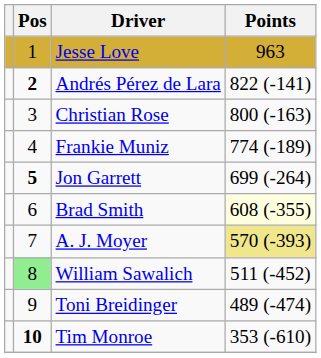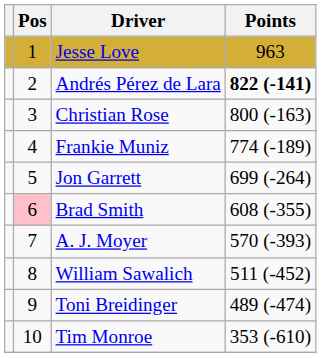 <table class="wikitable" style="font-size: 95%;">
 <tr>
 <th></th>
 <th>Pos</th>
 <th>Driver</th>
 <th>Points</th>
 </tr>
 <tr style="background:#D4AF37;">
 <td align="left"></td>
 <td style="text-align:center;">1</td>
 <td><a href='#'>Jesse Love</a></td>
 <td style="text-align:center;">963</td>
 </tr>
 <tr>
 <td align="left"></td>
-<td style="text-align:center;"><strong>2</strong></td>
+<td style="text-align:center;">2</td>
 <td><a href='#'>Andrés Pérez de Lara</a></td>
-<td style="text-align:center;">822 (-141)</td>
+<td style="text-align:center;"><strong>822 (-141)</strong></td>
 </tr>
 <tr>
 <td align="left"></td>
 <td style="text-align:center;">3</td>
 <td><a href='#'>Christian Rose</a></td>
 <td style="text-align:center;">800 (-163)</td>
 </tr>
 <tr>
 <td align="left"></td>
 <td style="text-align:center;">4</td>
 <td><a href='#'>Frankie Muniz</a></td>
 <td style="text-align:center;">774 (-189)</td>
 </tr>
 <tr>
 <td align="left"></td>
-<td style="text-align:center;"><strong>5</strong></td>
+<td style="text-align:center;">5</td>
 <td><a href='#'>Jon Garrett</a></td>
 <td style="text-align:center;">699 (-264)</td>
 </tr>
 <tr>
 <td align="left"></td>
-<td style="text-align:center;">6</td>
+<td style="background: pink; text-align:center;">6</td>
 <td><a href='#'>Brad Smith</a></td>
-<td style="background: lightyellow; text-align:center;">608 (-355)</td>
+<td style="text-align:center;">608 (-355)</td>
 </tr>
 <tr>
 <td align="left"></td>
 <td style="text-align:center;">7</td>
 <td><a href='#'>A. J. Moyer</a></td>
-<td style="background: khaki; text-align:center;">570 (-393)</td>
+<td style="text-align:center;">570 (-393)</td>
 </tr>
 <tr>
 <td align="left"></td>
-<td style="background: lightgreen; text-align:center;">8</td>
+<td style="text-align:center;">8</td>
 <td><a href='#'>William Sawalich</a></td>
 <td style="text-align:center;">511 (-452)</td>
 </tr>
 <tr>
 <td align="left"></td>
 <td style="text-align:center;">9</td>
 <td><a href='#'>Toni Breidinger</a></td>
 <td style="text-align:center;">489 (-474)</td>
 </tr>
 <tr>
 <td align="left"></td>
-<td style="text-align:center;"><strong>10</strong></td>
+<td style="text-align:center;">10</td>
 <td><a href='#'>Tim Monroe</a></td>
 <td style="text-align:center;">353 (-610)</td>
 </tr>
 <tr class="sortbottom">
 </tr>
 </table>
